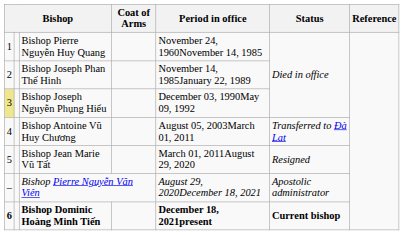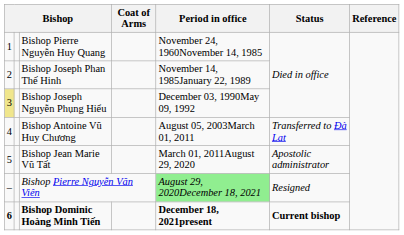 <table class="wikitable">
 <tr>
 <th colspan="3">Bishop</th>
 <th>Coat of Arms</th>
 <th>Period in office</th>
 <th>Status</th>
 <th>Reference</th>
 </tr>
 <tr>
 <td>1</td>
 <td></td>
 <td>Bishop Pierre Nguyễn Huy Quang</td>
 <td></td>
 <td>November 24, 1960November 14, 1985</td>
 <td rowspan=3><em>Died in office</em></td>
 <td rowspan=7></td>
 </tr>
 <tr>
 <td>2</td>
 <td></td>
 <td>Bishop Joseph Phan Thế Hinh</td>
 <td></td>
 <td>November 14, 1985January 22, 1989</td>
 </tr>
 <tr>
 <td style="background: khaki;">3</td>
 <td></td>
 <td>Bishop Joseph Nguyễn Phụng Hiểu</td>
 <td></td>
 <td>December 03, 1990May 09, 1992</td>
 </tr>
 <tr>
 <td>4</td>
 <td></td>
 <td>Bishop Antoine Vũ Huy Chương</td>
 <td></td>
 <td>August 05, 2003March 01, 2011</td>
 <td><em>Transferred to <a href='#'>Đà Lat</a></em></td>
 </tr>
 <tr>
 <td>5</td>
 <td></td>
 <td>Bishop Jean Marie Vũ Tất</td>
 <td></td>
 <td>March 01, 2011August 29, 2020</td>
-<td><em>Resigned</em></td>
+<td><em>Apostolic administrator</em></td>
 </tr>
 <tr>
 <td>–</td>
 <td></td>
 <td colspan=2><em>Bishop <a href='#'>Pierre Nguyễn Văn Viên</a></em></td>
-<td><em>August 29, 2020December 18, 2021</em></td>
-<td><em>Apostolic administrator</em></td>
+<td style="background: lightgreen;"><em>August 29, 2020December 18, 2021</em></td>
+<td><em>Resigned</em></td>
 </tr>
 <tr>
 <td><strong>6</strong></td>
 <td></td>
 <td><strong>Bishop Dominic Hoàng Minh Tiến</strong></td>
 <td></td>
 <td><strong>December 18, 2021present</strong></td>
 <td><strong>Current bishop</strong></td>
 </tr>
 </table>
